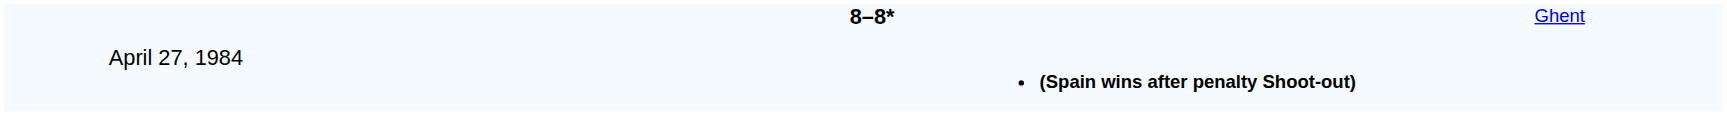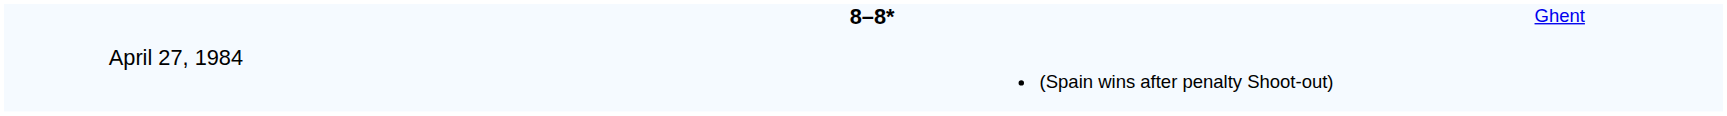 <table style="width: 100%; background:#F5FAFF;" cellspacing="0">
 <tr>
 <td align=center rowspan=3 width=20%>April 27, 1984<br></td>
 </tr>
 <tr>
 <td width=24% align=right></td>
 <td align=center width=13%><strong>8–8*</strong></td>
 <td width=24%></td>
 <td style=font-size:85% rowspan=3 valign=top align=center><a href='#'>Ghent</a></td>
 </tr>
 <tr style=font-size:85%>
 <td align=right></td>
 <td align=center></td>
-<td><strong><br><ul><li>(Spain wins after penalty Shoot-out)</li></ul></strong></td>
+<td><br><ul><li>(Spain wins after penalty Shoot-out)</li></ul></td>
 </tr>
 </table>
